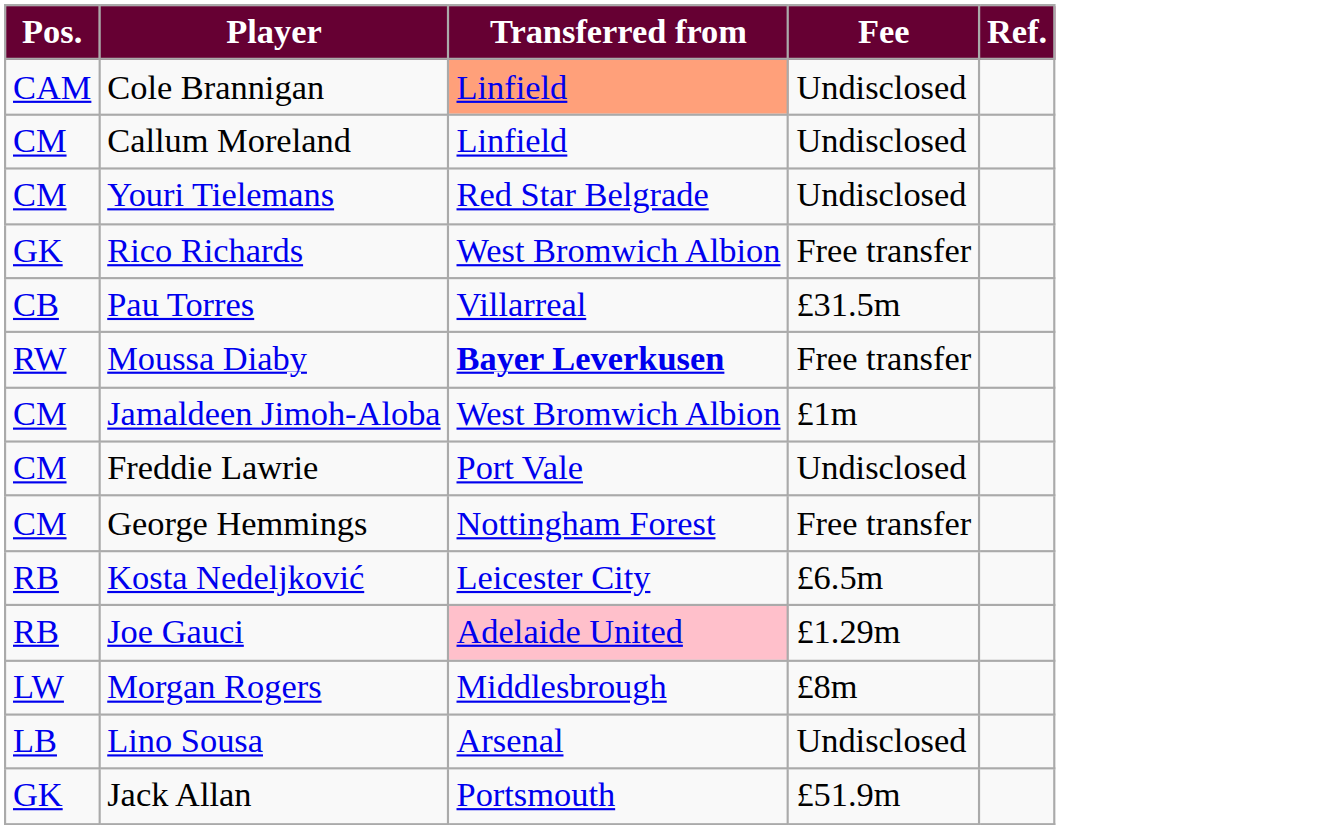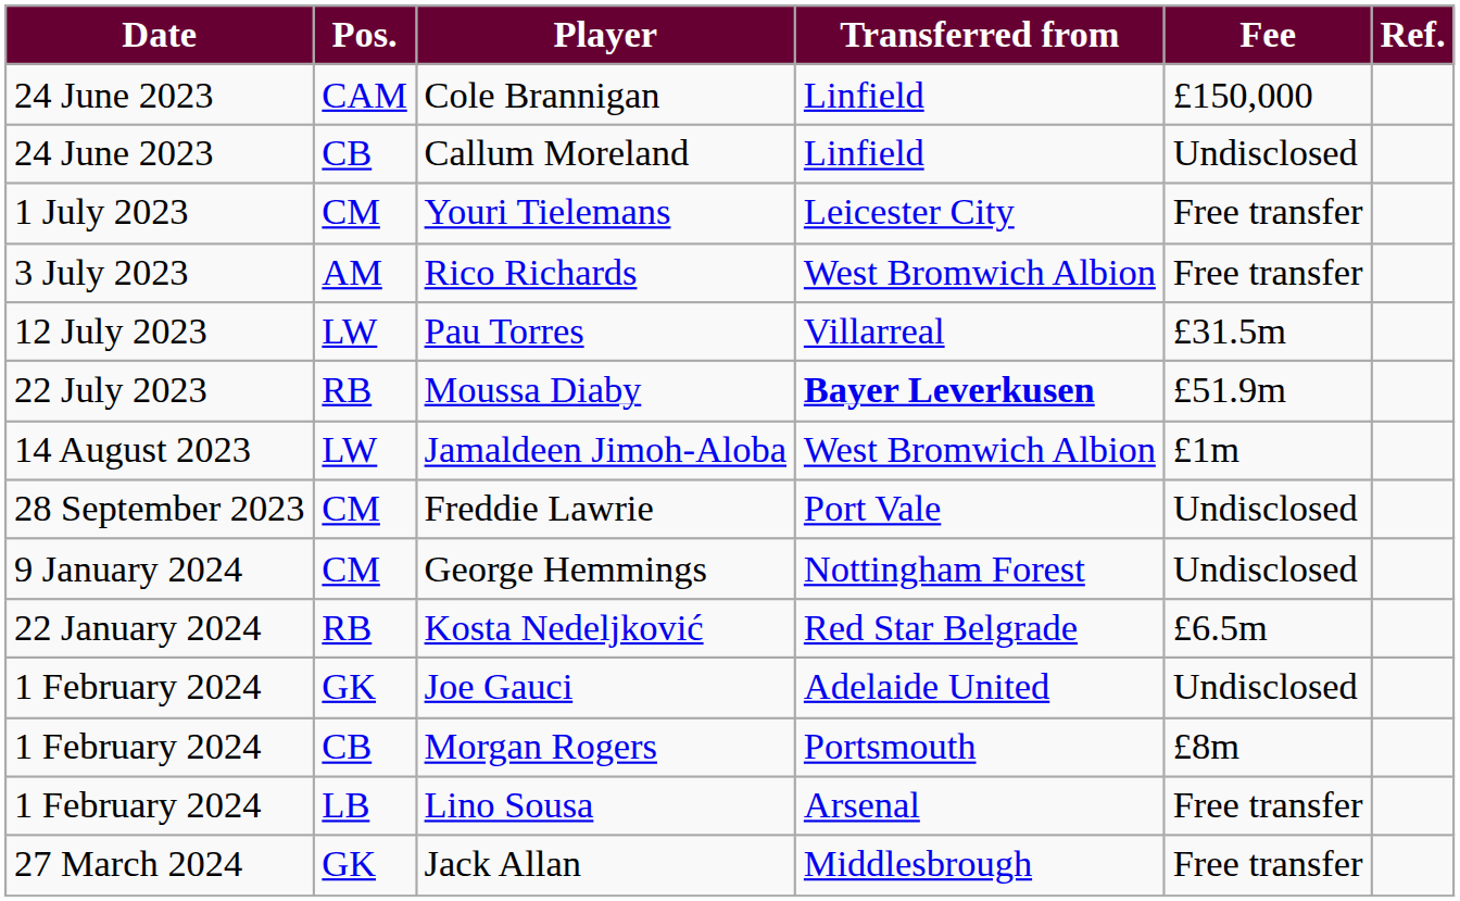 <table class="wikitable plainrowheaders sortable">
 <tr>
+<th style="background:#660033; color:#ffffff; ">Date</th>
 <th style="background:#660033; color:#ffffff; text-align:center; ">Pos.</th>
 <th style="background:#660033; color:#ffffff; ">Player</th>
 <th style="background:#660033; color:#ffffff; text-align:center; ">Transferred from</th>
 <th style="background:#660033; color:#ffffff; ">Fee</th>
 <th style="background:#660033; color:#ffffff; ">Ref.</th>
 </tr>
 <tr>
+<td>24 June 2023</td>
 <td><a href='#'>CAM</a></td>
 <td> Cole Brannigan</td>
-<td style="background: lightsalmon;"> <a href='#'>Linfield</a></td>
-<td>Undisclosed</td>
+<td> <a href='#'>Linfield</a></td>
+<td>£150,000</td>
 <td></td>
 </tr>
 <tr>
-<td><a href='#'>CM</a></td>
+<td>24 June 2023</td>
+<td><a href='#'>CB</a></td>
 <td> Callum Moreland</td>
 <td> <a href='#'>Linfield</a></td>
 <td>Undisclosed</td>
 <td></td>
 </tr>
 <tr>
+<td>1 July 2023</td>
 <td><a href='#'>CM</a></td>
 <td> <a href='#'>Youri Tielemans</a></td>
-<td> <a href='#'>Red Star Belgrade</a></td>
-<td>Undisclosed</td>
+<td> <a href='#'>Leicester City</a></td>
+<td>Free transfer</td>
 <td></td>
 </tr>
 <tr>
-<td><a href='#'>GK</a></td>
+<td>3 July 2023</td>
+<td><a href='#'>AM</a></td>
 <td> <a href='#'>Rico Richards</a></td>
 <td> <a href='#'>West Bromwich Albion</a></td>
 <td>Free transfer</td>
 <td></td>
 </tr>
 <tr>
-<td><a href='#'>CB</a></td>
+<td>12 July 2023</td>
+<td><a href='#'>LW</a></td>
 <td> <a href='#'>Pau Torres</a></td>
 <td> <a href='#'>Villarreal</a></td>
 <td>£31.5m</td>
 <td></td>
 </tr>
 <tr>
-<td><a href='#'>RW</a></td>
+<td>22 July 2023</td>
+<td><a href='#'>RB</a></td>
 <td> <a href='#'>Moussa Diaby</a></td>
 <td><strong> <a href='#'>Bayer Leverkusen</a></strong></td>
-<td>Free transfer</td>
+<td>£51.9m</td>
 <td></td>
 </tr>
 <tr>
-<td><a href='#'>CM</a></td>
+<td>14 August 2023</td>
+<td><a href='#'>LW</a></td>
 <td> <a href='#'>Jamaldeen Jimoh-Aloba</a></td>
 <td> <a href='#'>West Bromwich Albion</a></td>
 <td>£1m</td>
 <td></td>
 </tr>
 <tr>
+<td>28 September 2023</td>
 <td><a href='#'>CM</a></td>
 <td> Freddie Lawrie</td>
 <td> <a href='#'>Port Vale</a></td>
 <td>Undisclosed</td>
 <td></td>
 </tr>
 <tr>
+<td>9 January 2024</td>
 <td><a href='#'>CM</a></td>
 <td> George Hemmings</td>
 <td> <a href='#'>Nottingham Forest</a></td>
+<td>Undisclosed</td>
+<td></td>
+</tr>
+<tr>
+<td>22 January 2024</td>
+<td><a href='#'>RB</a></td>
+<td> <a href='#'>Kosta Nedeljković</a></td>
+<td> <a href='#'>Red Star Belgrade</a></td>
+<td>£6.5m</td>
+<td></td>
+</tr>
+<tr>
+<td>1 February 2024</td>
+<td><a href='#'>GK</a></td>
+<td> <a href='#'>Joe Gauci</a></td>
+<td> <a href='#'>Adelaide United</a></td>
+<td>Undisclosed</td>
+<td></td>
+</tr>
+<tr>
+<td>1 February 2024</td>
+<td><a href='#'>CB</a></td>
+<td> <a href='#'>Morgan Rogers</a></td>
+<td> <a href='#'>Portsmouth</a></td>
+<td>£8m</td>
+<td></td>
+</tr>
+<tr>
+<td>1 February 2024</td>
+<td><a href='#'>LB</a></td>
+<td> <a href='#'>Lino Sousa</a></td>
+<td> <a href='#'>Arsenal</a></td>
 <td>Free transfer</td>
 <td></td>
 </tr>
 <tr>
-<td><a href='#'>RB</a></td>
-<td> <a href='#'>Kosta Nedeljković</a></td>
-<td> <a href='#'>Leicester City</a></td>
-<td>£6.5m</td>
-<td></td>
-</tr>
-<tr>
-<td><a href='#'>RB</a></td>
-<td> <a href='#'>Joe Gauci</a></td>
-<td style="background: pink;"> <a href='#'>Adelaide United</a></td>
-<td>£1.29m</td>
-<td></td>
-</tr>
-<tr>
-<td><a href='#'>LW</a></td>
-<td> <a href='#'>Morgan Rogers</a></td>
-<td> <a href='#'>Middlesbrough</a></td>
-<td>£8m</td>
-<td></td>
-</tr>
-<tr>
-<td><a href='#'>LB</a></td>
-<td> <a href='#'>Lino Sousa</a></td>
-<td> <a href='#'>Arsenal</a></td>
-<td>Undisclosed</td>
-<td></td>
-</tr>
-<tr>
+<td>27 March 2024</td>
 <td><a href='#'>GK</a></td>
 <td> Jack Allan</td>
-<td> <a href='#'>Portsmouth</a></td>
-<td>£51.9m</td>
+<td> <a href='#'>Middlesbrough</a></td>
+<td>Free transfer</td>
 <td></td>
 </tr>
 </table>
